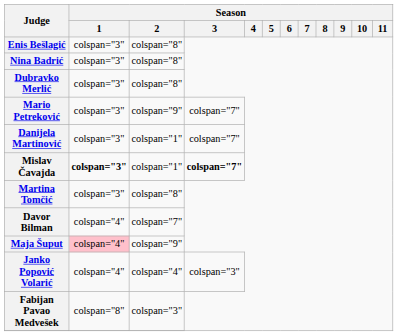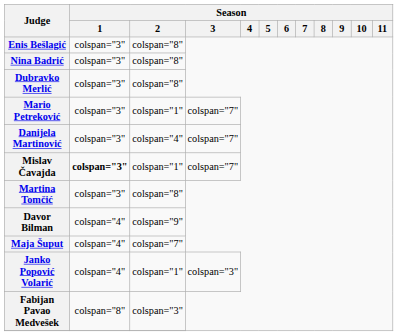 <table class="wikitable plainrowheaders" style="text-align:center">
 <tr>
 <th rowspan="2" style="width:20%;" scope="col">Judge</th>
 <th colspan="11">Season</th>
 </tr>
 <tr>
 <th style="width:7%;" scope="colspan">1</th>
 <th style="width:7%;" scope="colspan">2</th>
 <th style="width:7%;" scope="colspan">3</th>
 <th style="width:7%;" scope="colspan">4</th>
 <th style="width:7%;" scope="colspan">5</th>
 <th style="width:7%;" scope="colspan">6</th>
 <th style="width:7%;" scope="colspan">7</th>
 <th style="width:7%;" scope="colspan">8</th>
 <th style="width:7%;" scope="colspan">9</th>
 <th style="width:7%;" scope="colspan">10</th>
 <th style="width:7%;" scope="colspan">11</th>
 </tr>
 <tr>
 <th scope="row" style="text-align: center;"><a href='#'>Enis Bešlagić</a></th>
 <td>colspan="3" </td>
 <td>colspan="8" </td>
 </tr>
 <tr>
 <th scope="row" style="text-align: center;"><a href='#'>Nina Badrić</a></th>
 <td>colspan="3" </td>
 <td>colspan="8" </td>
 </tr>
 <tr>
 <th scope="row" style="text-align: center;"><a href='#'>Dubravko Merlić</a></th>
 <td>colspan="3" </td>
 <td>colspan="8" </td>
 </tr>
 <tr>
 <th scope="row" style="text-align: center;"><a href='#'>Mario Petreković</a></th>
 <td>colspan="3" </td>
-<td>colspan="9" </td>
+<td>colspan="1" </td>
 <td>colspan="7" </td>
 </tr>
 <tr>
 <th scope="row" style="text-align: center;"><a href='#'>Danijela Martinović</a></th>
 <td>colspan="3" </td>
-<td>colspan="1" </td>
+<td>colspan="4" </td>
 <td>colspan="7" </td>
 </tr>
 <tr>
 <th scope="row" style="text-align: center;">Mislav Čavajda</th>
 <td><strong>colspan="3" </strong></td>
 <td>colspan="1" </td>
-<td><strong>colspan="7" </strong></td>
+<td>colspan="7" </td>
 </tr>
 <tr>
 <th scope="row" style="text-align: center;"><a href='#'>Martina Tomčić</a></th>
 <td>colspan="3" </td>
 <td>colspan="8" </td>
 </tr>
 <tr>
 <th scope="row" style="text-align: center;">Davor Bilman</th>
 <td>colspan="4" </td>
-<td>colspan="7" </td>
+<td>colspan="9" </td>
 </tr>
 <tr>
 <th scope="row" style="text-align: center;"><a href='#'>Maja Šuput</a></th>
-<td style="background: pink;">colspan="4" </td>
-<td>colspan="9" </td>
+<td>colspan="4" </td>
+<td>colspan="7" </td>
 </tr>
 <tr>
 <th scope="row" style="text-align: center;"><a href='#'>Janko Popović Volarić</a></th>
 <td>colspan="4" </td>
-<td>colspan="4" </td>
+<td>colspan="1" </td>
 <td>colspan="3" </td>
 </tr>
 <tr>
 <th scope="row" style="text-align: center;">Fabijan Pavao Medvešek</th>
 <td>colspan="8" </td>
 <td>colspan="3" </td>
 </tr>
 <tr>
 </tr>
 </table>
